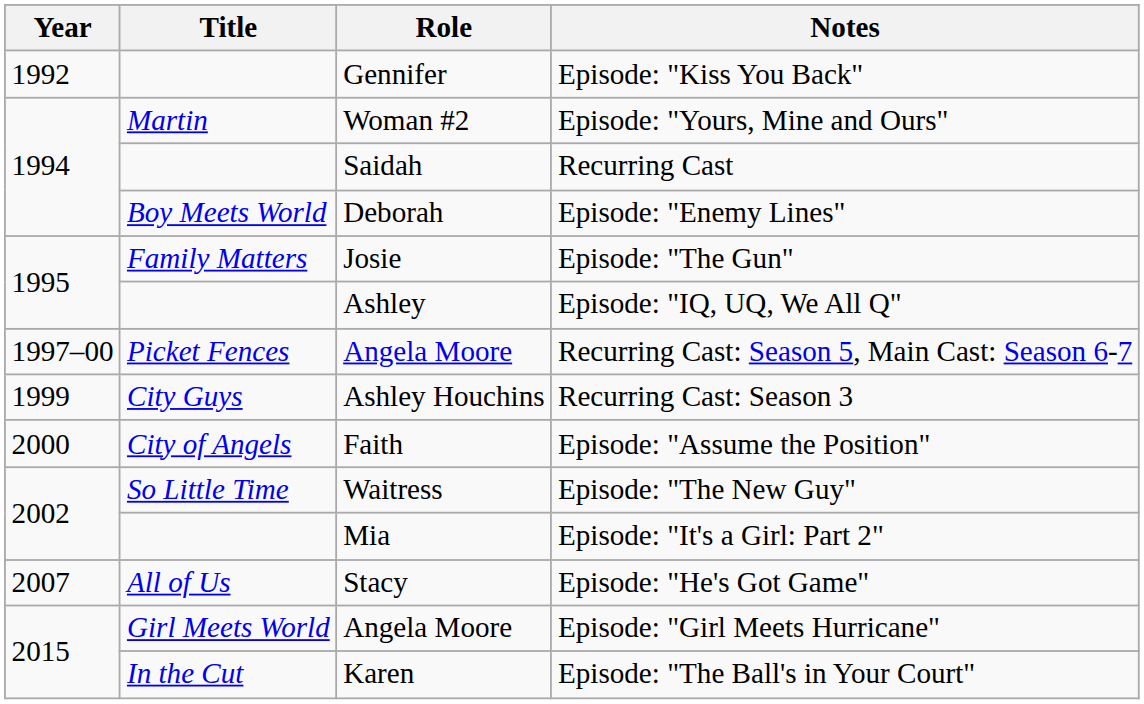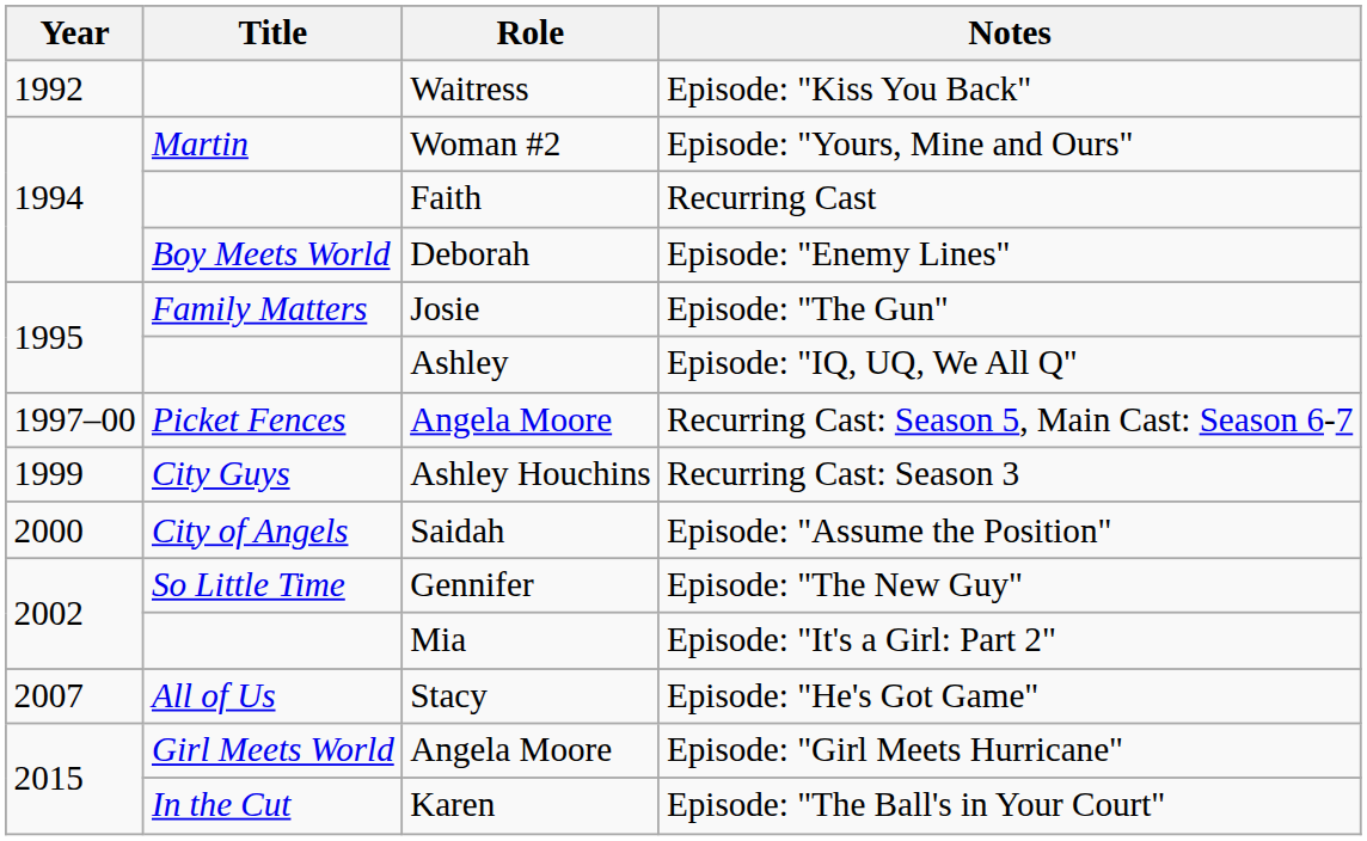 <table class="wikitable sortable">
 <tr>
 <th>Year</th>
 <th>Title</th>
 <th>Role</th>
 <th>Notes</th>
 </tr>
 <tr>
 <td>1992</td>
 <td><em></em></td>
-<td>Gennifer</td>
+<td>Waitress</td>
 <td>Episode: "Kiss You Back"</td>
 </tr>
 <tr>
 <td rowspan="3">1994</td>
 <td><em><a href='#'>Martin</a></em></td>
 <td>Woman #2</td>
 <td>Episode: "Yours, Mine and Ours"</td>
 </tr>
 <tr>
 <td><em></em></td>
-<td>Saidah</td>
+<td>Faith</td>
 <td>Recurring Cast</td>
 </tr>
 <tr>
 <td><em><a href='#'>Boy Meets World</a></em></td>
 <td>Deborah</td>
 <td>Episode: "Enemy Lines"</td>
 </tr>
 <tr>
 <td rowspan=2>1995</td>
 <td><em><a href='#'>Family Matters</a></em></td>
 <td>Josie</td>
 <td>Episode: "The Gun"</td>
 </tr>
 <tr>
 <td><em></em></td>
 <td>Ashley</td>
 <td>Episode: "IQ, UQ, We All Q"</td>
 </tr>
 <tr>
 <td>1997–00</td>
 <td><em><a href='#'>Picket Fences</a></em></td>
 <td><a href='#'>Angela Moore</a></td>
 <td>Recurring Cast: <a href='#'>Season 5</a>, Main Cast: <a href='#'>Season 6</a>-<a href='#'>7</a></td>
 </tr>
 <tr>
 <td>1999</td>
 <td><em><a href='#'>City Guys</a></em></td>
 <td>Ashley Houchins</td>
 <td>Recurring Cast: Season 3</td>
 </tr>
 <tr>
 <td>2000</td>
 <td><em><a href='#'>City of Angels</a></em></td>
-<td>Faith</td>
+<td>Saidah</td>
 <td>Episode: "Assume the Position"</td>
 </tr>
 <tr>
 <td rowspan=2>2002</td>
 <td><em><a href='#'>So Little Time</a></em></td>
-<td>Waitress</td>
+<td>Gennifer</td>
 <td>Episode: "The New Guy"</td>
 </tr>
 <tr>
 <td><em></em></td>
 <td>Mia</td>
 <td>Episode: "It's a Girl: Part 2"</td>
 </tr>
 <tr>
 <td>2007</td>
 <td><em><a href='#'>All of Us</a></em></td>
 <td>Stacy</td>
 <td>Episode: "He's Got Game"</td>
 </tr>
 <tr>
 <td rowspan=2>2015</td>
 <td><em><a href='#'>Girl Meets World</a></em></td>
 <td>Angela Moore</td>
 <td>Episode: "Girl Meets Hurricane"</td>
 </tr>
 <tr>
 <td><em><a href='#'>In the Cut</a></em></td>
 <td>Karen</td>
 <td>Episode: "The Ball's in Your Court"</td>
 </tr>
 </table>
